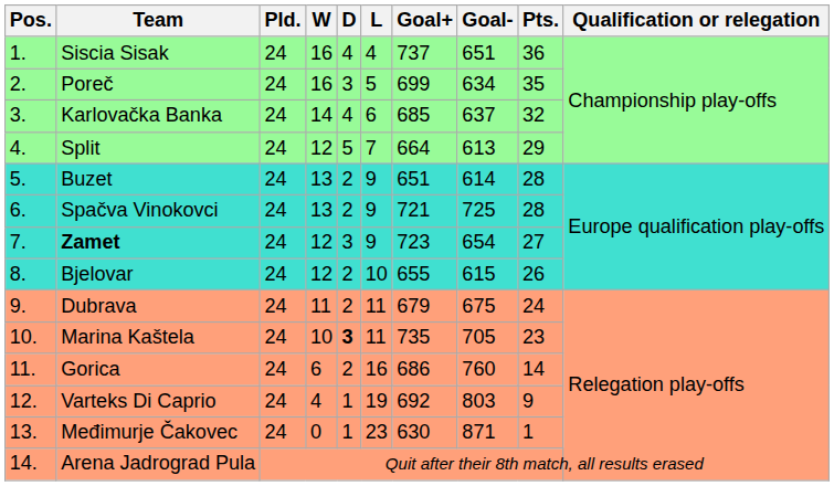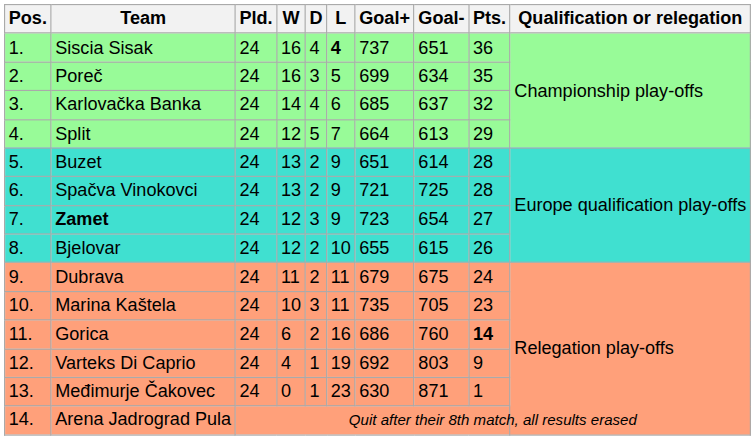 <table class="wikitable">
 <tr>
 <th>Pos.</th>
 <th>Team</th>
 <th>Pld.</th>
 <th>W</th>
 <th>D</th>
 <th>L</th>
 <th>Goal+</th>
 <th>Goal-</th>
 <th>Pts.</th>
 <th>Qualification or relegation</th>
 </tr>
 <tr style="background:palegreen;">
 <td>1.</td>
 <td>Siscia Sisak</td>
 <td>24</td>
 <td>16</td>
 <td>4</td>
-<td>4</td>
+<td><strong>4</strong></td>
 <td>737</td>
 <td>651</td>
 <td>36</td>
 <td rowspan="4">Championship play-offs</td>
 </tr>
 <tr style="background:palegreen;">
 <td>2.</td>
 <td>Poreč</td>
 <td>24</td>
 <td>16</td>
 <td>3</td>
 <td>5</td>
 <td>699</td>
 <td>634</td>
 <td>35</td>
 </tr>
 <tr style="background:palegreen;">
 <td>3.</td>
 <td>Karlovačka Banka</td>
 <td>24</td>
 <td>14</td>
 <td>4</td>
 <td>6</td>
 <td>685</td>
 <td>637</td>
 <td>32</td>
 </tr>
 <tr style="background:palegreen;">
 <td>4.</td>
 <td>Split</td>
 <td>24</td>
 <td>12</td>
 <td>5</td>
 <td>7</td>
 <td>664</td>
 <td>613</td>
 <td>29</td>
 </tr>
 <tr style="background:turquoise;">
 <td>5.</td>
 <td>Buzet</td>
 <td>24</td>
 <td>13</td>
 <td>2</td>
 <td>9</td>
 <td>651</td>
 <td>614</td>
 <td>28</td>
 <td rowspan="4">Europe qualification play-offs</td>
 </tr>
 <tr style="background:turquoise;">
 <td>6.</td>
 <td>Spačva Vinokovci</td>
 <td>24</td>
 <td>13</td>
 <td>2</td>
 <td>9</td>
 <td>721</td>
 <td>725</td>
 <td>28</td>
 </tr>
 <tr style="background:turquoise;">
 <td>7.</td>
 <td><strong>Zamet</strong></td>
 <td>24</td>
 <td>12</td>
 <td>3</td>
 <td>9</td>
 <td>723</td>
 <td>654</td>
 <td>27</td>
 </tr>
 <tr style="background:turquoise;">
 <td>8.</td>
 <td>Bjelovar</td>
 <td>24</td>
 <td>12</td>
 <td>2</td>
 <td>10</td>
 <td>655</td>
 <td>615</td>
 <td>26</td>
 </tr>
 <tr style="background:lightsalmon;">
 <td>9.</td>
 <td>Dubrava</td>
 <td>24</td>
 <td>11</td>
 <td>2</td>
 <td>11</td>
 <td>679</td>
 <td>675</td>
 <td>24</td>
 <td rowspan="6">Relegation play-offs</td>
 </tr>
 <tr style="background:lightsalmon;">
 <td>10.</td>
 <td>Marina Kaštela</td>
 <td>24</td>
 <td>10</td>
-<td><strong>3</strong></td>
+<td>3</td>
 <td>11</td>
 <td>735</td>
 <td>705</td>
 <td>23</td>
 </tr>
 <tr style="background:lightsalmon;">
 <td>11.</td>
 <td>Gorica</td>
 <td>24</td>
 <td>6</td>
 <td>2</td>
 <td>16</td>
 <td>686</td>
 <td>760</td>
-<td>14</td>
+<td><strong>14</strong></td>
 </tr>
 <tr style="background:lightsalmon;">
 <td>12.</td>
 <td>Varteks Di Caprio</td>
 <td>24</td>
 <td>4</td>
 <td>1</td>
 <td>19</td>
 <td>692</td>
 <td>803</td>
 <td>9</td>
 </tr>
 <tr style="background:lightsalmon;">
 <td>13.</td>
 <td>Međimurje Čakovec</td>
 <td>24</td>
 <td>0</td>
 <td>1</td>
 <td>23</td>
 <td>630</td>
 <td>871</td>
 <td>1</td>
 </tr>
 <tr style="background:lightsalmon;">
 <td>14.</td>
 <td>Arena Jadrograd Pula</td>
 <td colspan="9" align="center"><small><em> Quit after their 8th match, all results erased </em></small></td>
 </tr>
 </table>
